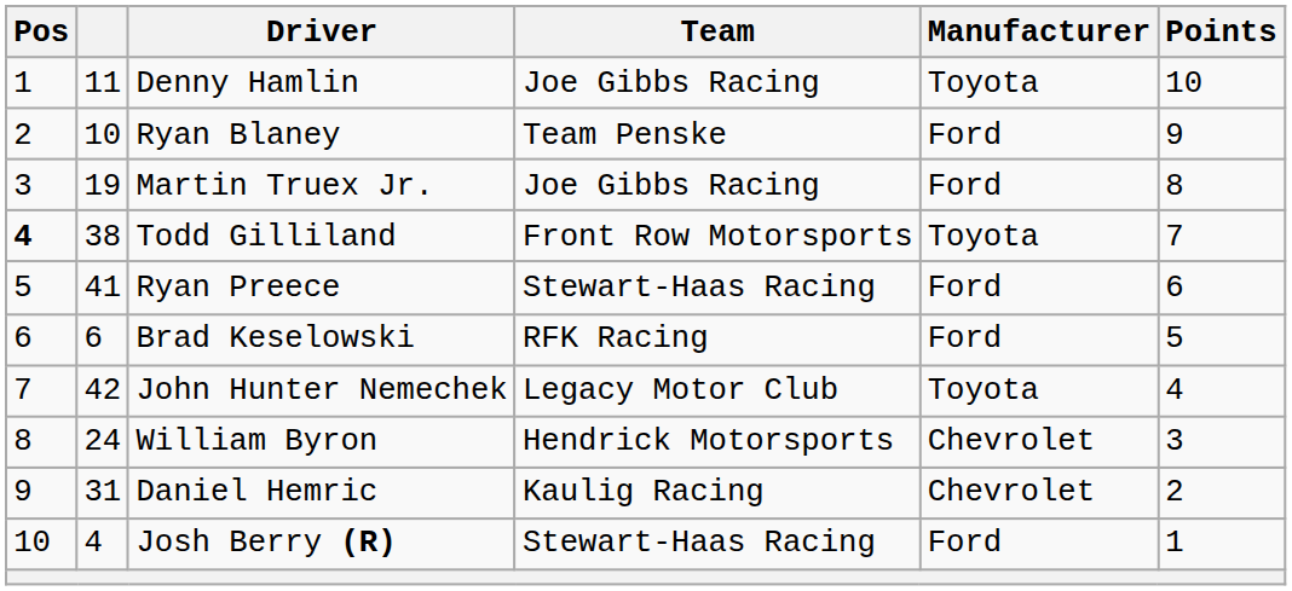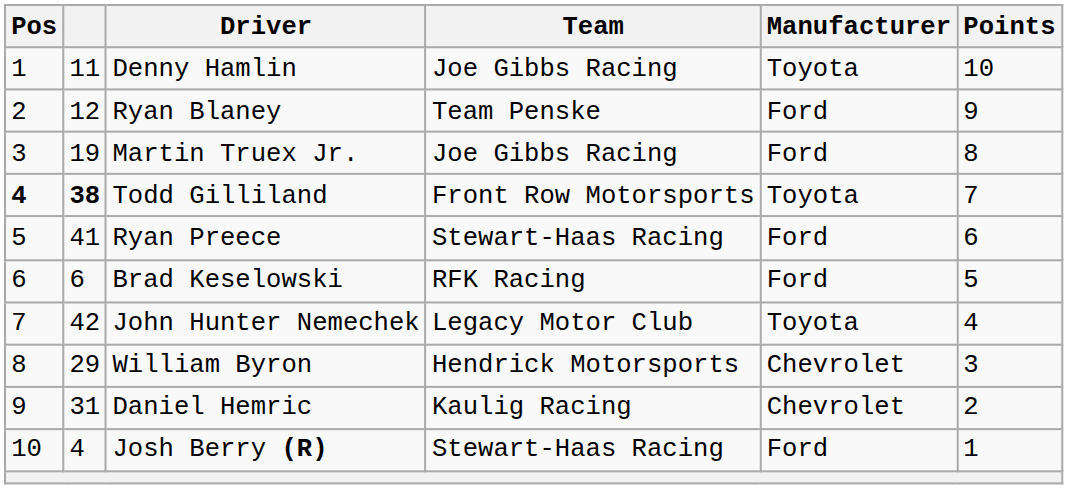 <table class="wikitable" style="font-size:98%">
 <tr>
 <th>Pos</th>
 <th></th>
 <th>Driver</th>
 <th>Team</th>
 <th>Manufacturer</th>
 <th>Points</th>
 </tr>
 <tr>
 <td>1</td>
 <td>11</td>
 <td>Denny Hamlin</td>
 <td>Joe Gibbs Racing</td>
 <td>Toyota</td>
 <td>10</td>
 </tr>
 <tr>
 <td>2</td>
-<td>10</td>
+<td>12</td>
 <td>Ryan Blaney</td>
 <td>Team Penske</td>
 <td>Ford</td>
 <td>9</td>
 </tr>
 <tr>
 <td>3</td>
 <td>19</td>
 <td>Martin Truex Jr.</td>
 <td>Joe Gibbs Racing</td>
 <td>Ford</td>
 <td>8</td>
 </tr>
 <tr>
 <td><strong>4</strong></td>
-<td>38</td>
+<td><strong>38</strong></td>
 <td>Todd Gilliland</td>
 <td>Front Row Motorsports</td>
 <td>Toyota</td>
 <td>7</td>
 </tr>
 <tr>
 <td>5</td>
 <td>41</td>
 <td>Ryan Preece</td>
 <td>Stewart-Haas Racing</td>
 <td>Ford</td>
 <td>6</td>
 </tr>
 <tr>
 <td>6</td>
 <td>6</td>
 <td>Brad Keselowski</td>
 <td>RFK Racing</td>
 <td>Ford</td>
 <td>5</td>
 </tr>
 <tr>
 <td>7</td>
 <td>42</td>
 <td>John Hunter Nemechek</td>
 <td>Legacy Motor Club</td>
 <td>Toyota</td>
 <td>4</td>
 </tr>
 <tr>
 <td>8</td>
-<td>24</td>
+<td>29</td>
 <td>William Byron</td>
 <td>Hendrick Motorsports</td>
 <td>Chevrolet</td>
 <td>3</td>
 </tr>
 <tr>
 <td>9</td>
 <td>31</td>
 <td>Daniel Hemric</td>
 <td>Kaulig Racing</td>
 <td>Chevrolet</td>
 <td>2</td>
 </tr>
 <tr>
 <td>10</td>
 <td>4</td>
 <td>Josh Berry <strong>(R)</strong></td>
 <td>Stewart-Haas Racing</td>
 <td>Ford</td>
 <td>1</td>
 </tr>
 <tr>
 <th colspan="6"></th>
 </tr>
 </table>
